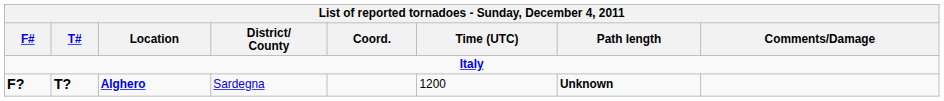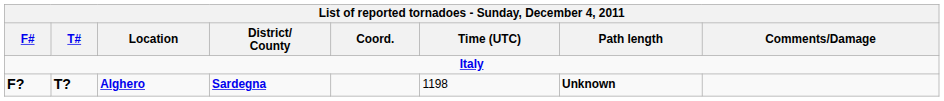 <table class="wikitable collapsible" width="100%">
 <tr>
 <th colspan="8">List of reported tornadoes - Sunday, December 4, 2011</th>
 </tr>
 <tr>
 <th><a href='#'>F#</a></th>
 <th><a href='#'>T#</a></th>
 <th>Location</th>
 <th>District/<br>County</th>
 <th>Coord.</th>
 <th>Time (UTC)</th>
 <th>Path length</th>
 <th>Comments/Damage</th>
 </tr>
 <tr>
 <td colspan="8" align=center><strong><a href='#'>Italy</a></strong></td>
 </tr>
 <tr>
 <td><big><strong>F?</strong></big></td>
 <td><big><strong>T?</strong></big></td>
 <td><strong><a href='#'>Alghero</a></strong></td>
-<td><a href='#'>Sardegna</a></td>
+<td><strong><a href='#'>Sardegna</a></strong></td>
 <td></td>
-<td>1200</td>
+<td>1198</td>
 <td><strong>Unknown</strong></td>
 <td></td>
 </tr>
 </table>
